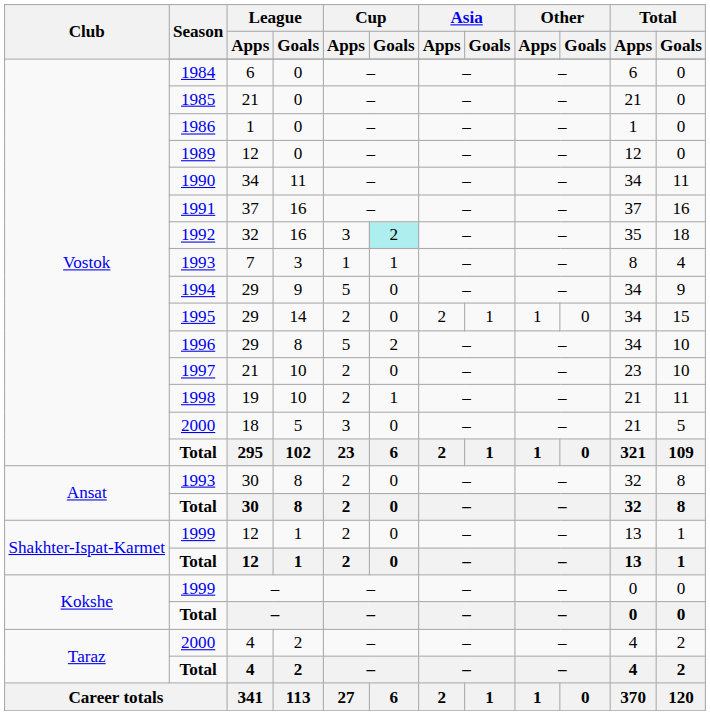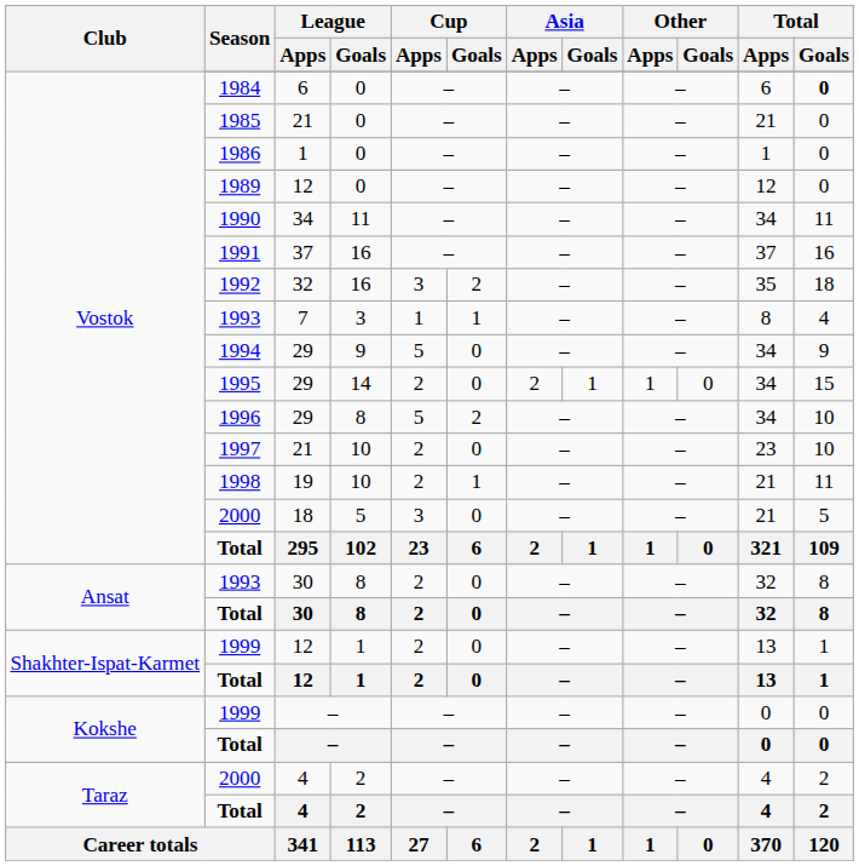 <table class="wikitable" style="text-align: center;">
 <tr>
 <th rowspan="2">Club</th>
 <th rowspan="2">Season</th>
 <th colspan="2">League</th>
 <th colspan="2">Cup</th>
 <th colspan="2"><a href='#'>Asia</a></th>
 <th colspan="2">Other</th>
 <th colspan="2">Total</th>
 </tr>
 <tr>
 <th>Apps</th>
 <th>Goals</th>
 <th>Apps</th>
 <th>Goals</th>
 <th>Apps</th>
 <th>Goals</th>
 <th>Apps</th>
 <th>Goals</th>
 <th>Apps</th>
 <th>Goals</th>
 </tr>
 <tr>
 <td rowspan="16" style="text-align:center;"><a href='#'>Vostok</a></td>
 </tr>
 <tr>
 <td !colspan="2"><a href='#'>1984</a></td>
 <td>6</td>
 <td>0</td>
 <td colspan="2">–</td>
 <td colspan="2">–</td>
 <td colspan="2">–</td>
 <td>6</td>
-<td>0</td>
+<td><strong>0</strong></td>
 </tr>
 <tr>
 <td !colspan="2"><a href='#'>1985</a></td>
 <td>21</td>
 <td>0</td>
 <td colspan="2">–</td>
 <td colspan="2">–</td>
 <td colspan="2">–</td>
 <td>21</td>
 <td>0</td>
 </tr>
 <tr>
 <td !colspan="2"><a href='#'>1986</a></td>
 <td>1</td>
 <td>0</td>
 <td colspan="2">–</td>
 <td colspan="2">–</td>
 <td colspan="2">–</td>
 <td>1</td>
 <td>0</td>
 </tr>
 <tr>
 <td !colspan="2"><a href='#'>1989</a></td>
 <td>12</td>
 <td>0</td>
 <td colspan="2">–</td>
 <td colspan="2">–</td>
 <td colspan="2">–</td>
 <td>12</td>
 <td>0</td>
 </tr>
 <tr>
 <td !colspan="2"><a href='#'>1990</a></td>
 <td>34</td>
 <td>11</td>
 <td colspan="2">–</td>
 <td colspan="2">–</td>
 <td colspan="2">–</td>
 <td>34</td>
 <td>11</td>
 </tr>
 <tr>
 <td !colspan="2"><a href='#'>1991</a></td>
 <td>37</td>
 <td>16</td>
 <td colspan="2">–</td>
 <td colspan="2">–</td>
 <td colspan="2">–</td>
 <td>37</td>
 <td>16</td>
 </tr>
 <tr>
 <td !colspan="2"><a href='#'>1992</a></td>
 <td>32</td>
 <td>16</td>
 <td>3</td>
-<td style="background: paleturquoise;">2</td>
+<td>2</td>
 <td colspan="2">–</td>
 <td colspan="2">–</td>
 <td>35</td>
 <td>18</td>
 </tr>
 <tr>
 <td !colspan="2"><a href='#'>1993</a></td>
 <td>7</td>
 <td>3</td>
 <td>1</td>
 <td>1</td>
 <td colspan="2">–</td>
 <td colspan="2">–</td>
 <td>8</td>
 <td>4</td>
 </tr>
 <tr>
 <td !colspan="2"><a href='#'>1994</a></td>
 <td>29</td>
 <td>9</td>
 <td>5</td>
 <td>0</td>
 <td colspan="2">–</td>
 <td colspan="2">–</td>
 <td>34</td>
 <td>9</td>
 </tr>
 <tr>
 <td !colspan="2"><a href='#'>1995</a></td>
 <td>29</td>
 <td>14</td>
 <td>2</td>
 <td>0</td>
 <td>2</td>
 <td>1</td>
 <td>1</td>
 <td>0</td>
 <td>34</td>
 <td>15</td>
 </tr>
 <tr>
 <td !colspan="2"><a href='#'>1996</a></td>
 <td>29</td>
 <td>8</td>
 <td>5</td>
 <td>2</td>
 <td colspan="2">–</td>
 <td colspan="2">–</td>
 <td>34</td>
 <td>10</td>
 </tr>
 <tr>
 <td !colspan="2"><a href='#'>1997</a></td>
 <td>21</td>
 <td>10</td>
 <td>2</td>
 <td>0</td>
 <td colspan="2">–</td>
 <td colspan="2">–</td>
 <td>23</td>
 <td>10</td>
 </tr>
 <tr>
 <td !colspan="2"><a href='#'>1998</a></td>
 <td>19</td>
 <td>10</td>
 <td>2</td>
 <td>1</td>
 <td colspan="2">–</td>
 <td colspan="2">–</td>
 <td>21</td>
 <td>11</td>
 </tr>
 <tr>
 <td !colspan="2"><a href='#'>2000</a></td>
 <td>18</td>
 <td>5</td>
 <td>3</td>
 <td>0</td>
 <td colspan="2">–</td>
 <td colspan="2">–</td>
 <td>21</td>
 <td>5</td>
 </tr>
 <tr>
 <td !colspan="2"><strong>Total</strong></td>
 <th>295</th>
 <th>102</th>
 <th>23</th>
 <th>6</th>
 <th>2</th>
 <th>1</th>
 <th>1</th>
 <th>0</th>
 <th>321</th>
 <th>109</th>
 </tr>
 <tr>
 <td rowspan="2" style="text-align:center;"><a href='#'>Ansat</a></td>
 <td !colspan="2"><a href='#'>1993</a></td>
 <td>30</td>
 <td>8</td>
 <td>2</td>
 <td>0</td>
 <td colspan="2">–</td>
 <td colspan="2">–</td>
 <td>32</td>
 <td>8</td>
 </tr>
 <tr>
 <td !colspan="2"><strong>Total</strong></td>
 <th>30</th>
 <th>8</th>
 <th>2</th>
 <th>0</th>
 <th colspan="2">–</th>
 <th colspan="2">–</th>
 <th>32</th>
 <th>8</th>
 </tr>
 <tr>
 <td rowspan="2" style="text-align:center;"><a href='#'>Shakhter-Ispat-Karmet</a></td>
 <td !colspan="2"><a href='#'>1999</a></td>
 <td>12</td>
 <td>1</td>
 <td>2</td>
 <td>0</td>
 <td colspan="2">–</td>
 <td colspan="2">–</td>
 <td>13</td>
 <td>1</td>
 </tr>
 <tr>
 <td !colspan="2"><strong>Total</strong></td>
 <th>12</th>
 <th>1</th>
 <th>2</th>
 <th>0</th>
 <th colspan="2">–</th>
 <th colspan="2">–</th>
 <th>13</th>
 <th>1</th>
 </tr>
 <tr>
 <td rowspan="2" style="text-align:center;"><a href='#'>Kokshe</a></td>
 <td !colspan="2"><a href='#'>1999</a></td>
 <td colspan="2">–</td>
 <td colspan="2">–</td>
 <td colspan="2">–</td>
 <td colspan="2">–</td>
 <td>0</td>
 <td>0</td>
 </tr>
 <tr>
 <td !colspan="2"><strong>Total</strong></td>
 <th colspan="2">–</th>
 <th colspan="2">–</th>
 <th colspan="2">–</th>
 <th colspan="2">–</th>
 <th>0</th>
 <th>0</th>
 </tr>
 <tr>
 <td rowspan="2" style="text-align:center;"><a href='#'>Taraz</a></td>
 <td !colspan="2"><a href='#'>2000</a></td>
 <td>4</td>
 <td>2</td>
 <td colspan="2">–</td>
 <td colspan="2">–</td>
 <td colspan="2">–</td>
 <td>4</td>
 <td>2</td>
 </tr>
 <tr>
 <td !colspan="2"><strong>Total</strong></td>
 <th>4</th>
 <th>2</th>
 <th colspan="2">–</th>
 <th colspan="2">–</th>
 <th colspan="2">–</th>
 <th>4</th>
 <th>2</th>
 </tr>
 <tr>
 <th colspan="2">Career totals</th>
 <th>341</th>
 <th>113</th>
 <th>27</th>
 <th>6</th>
 <th>2</th>
 <th>1</th>
 <th>1</th>
 <th>0</th>
 <th>370</th>
 <th>120</th>
 </tr>
 </table>
